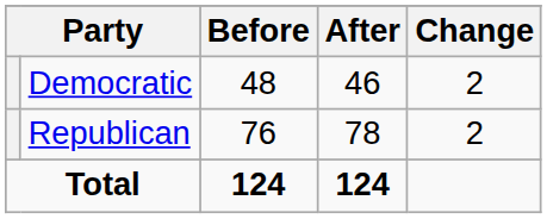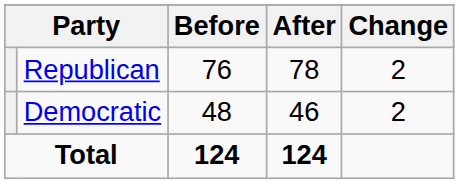 <table class="wikitable" style="text-align:center;">
 <tr>
 </tr>
 <tr>
 <th colspan=2>Party</th>
 <th>Before</th>
 <th>After</th>
 <th>Change</th>
 </tr>
 <tr>
 <th style="background-color:"></th>
-<td style="text-align:left;"><a href='#'>Democratic</a></td>
-<td>48</td>
-<td>46</td>
+<td style="text-align:left;"><a href='#'>Republican</a></td>
+<td>76</td>
+<td>78</td>
 <td> 2</td>
 </tr>
 <tr>
 <th style="background-color:"></th>
-<td style="text-align:left;"><a href='#'>Republican</a></td>
-<td>76</td>
-<td>78</td>
+<td style="text-align:left;"><a href='#'>Democratic</a></td>
+<td>48</td>
+<td>46</td>
 <td> 2</td>
 </tr>
 <tr>
 <td colspan=2><strong>Total</strong></td>
 <td><strong>124</strong></td>
 <td><strong>124</strong></td>
 <td></td>
 </tr>
 </table>
